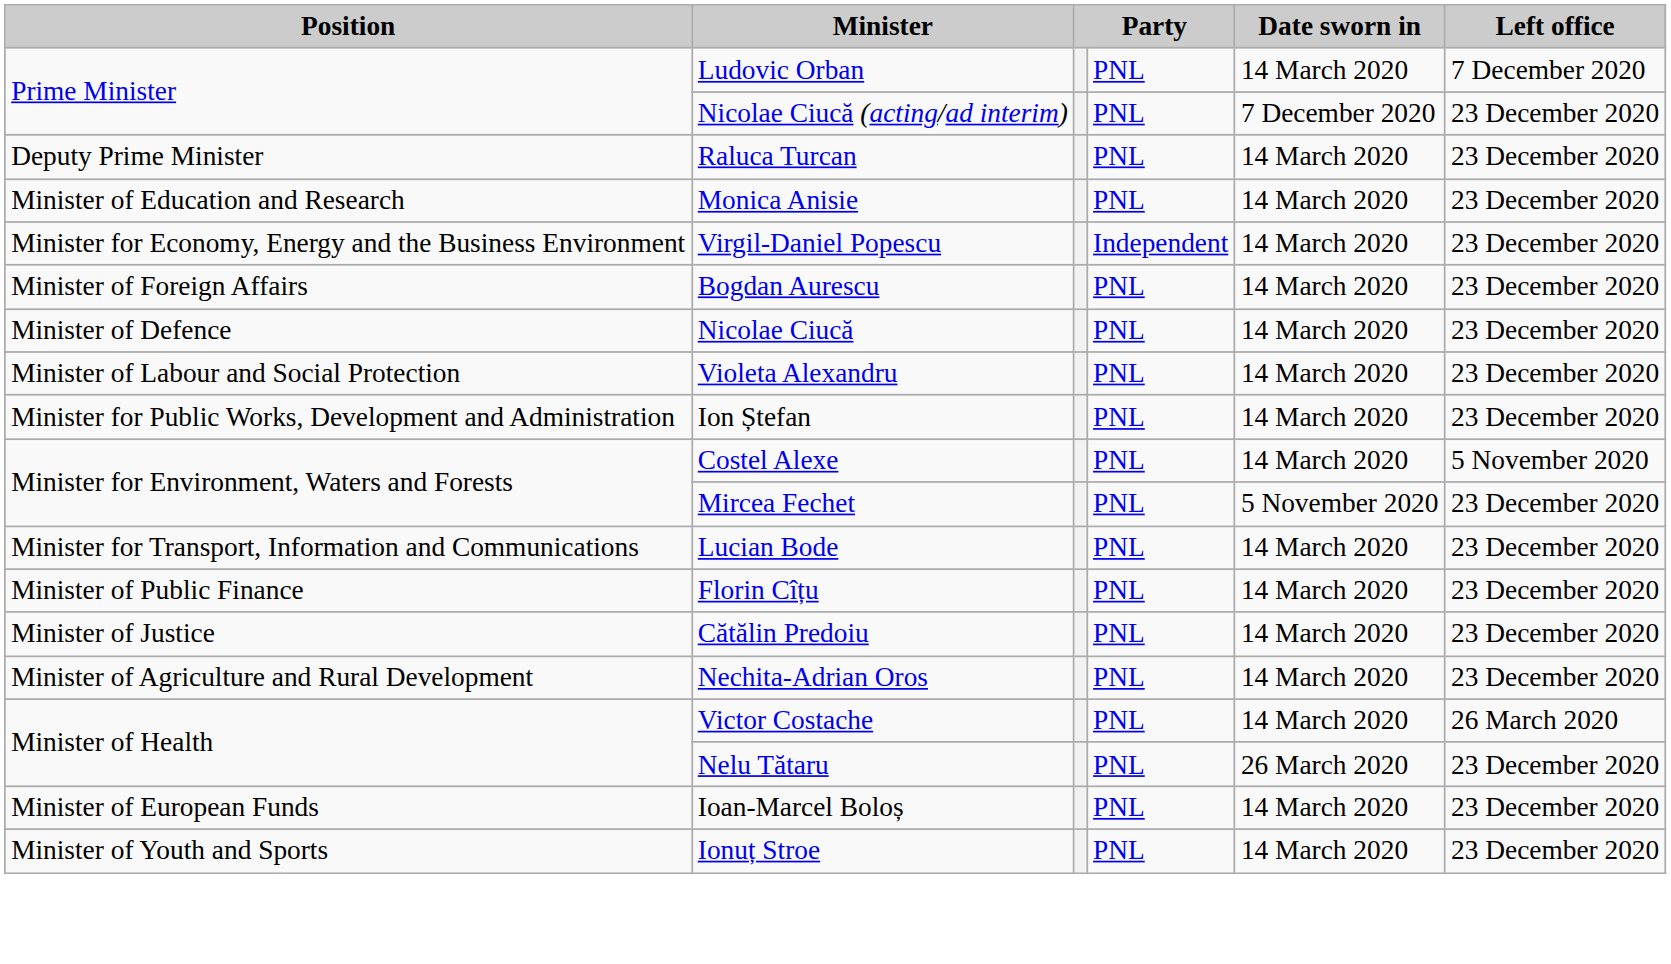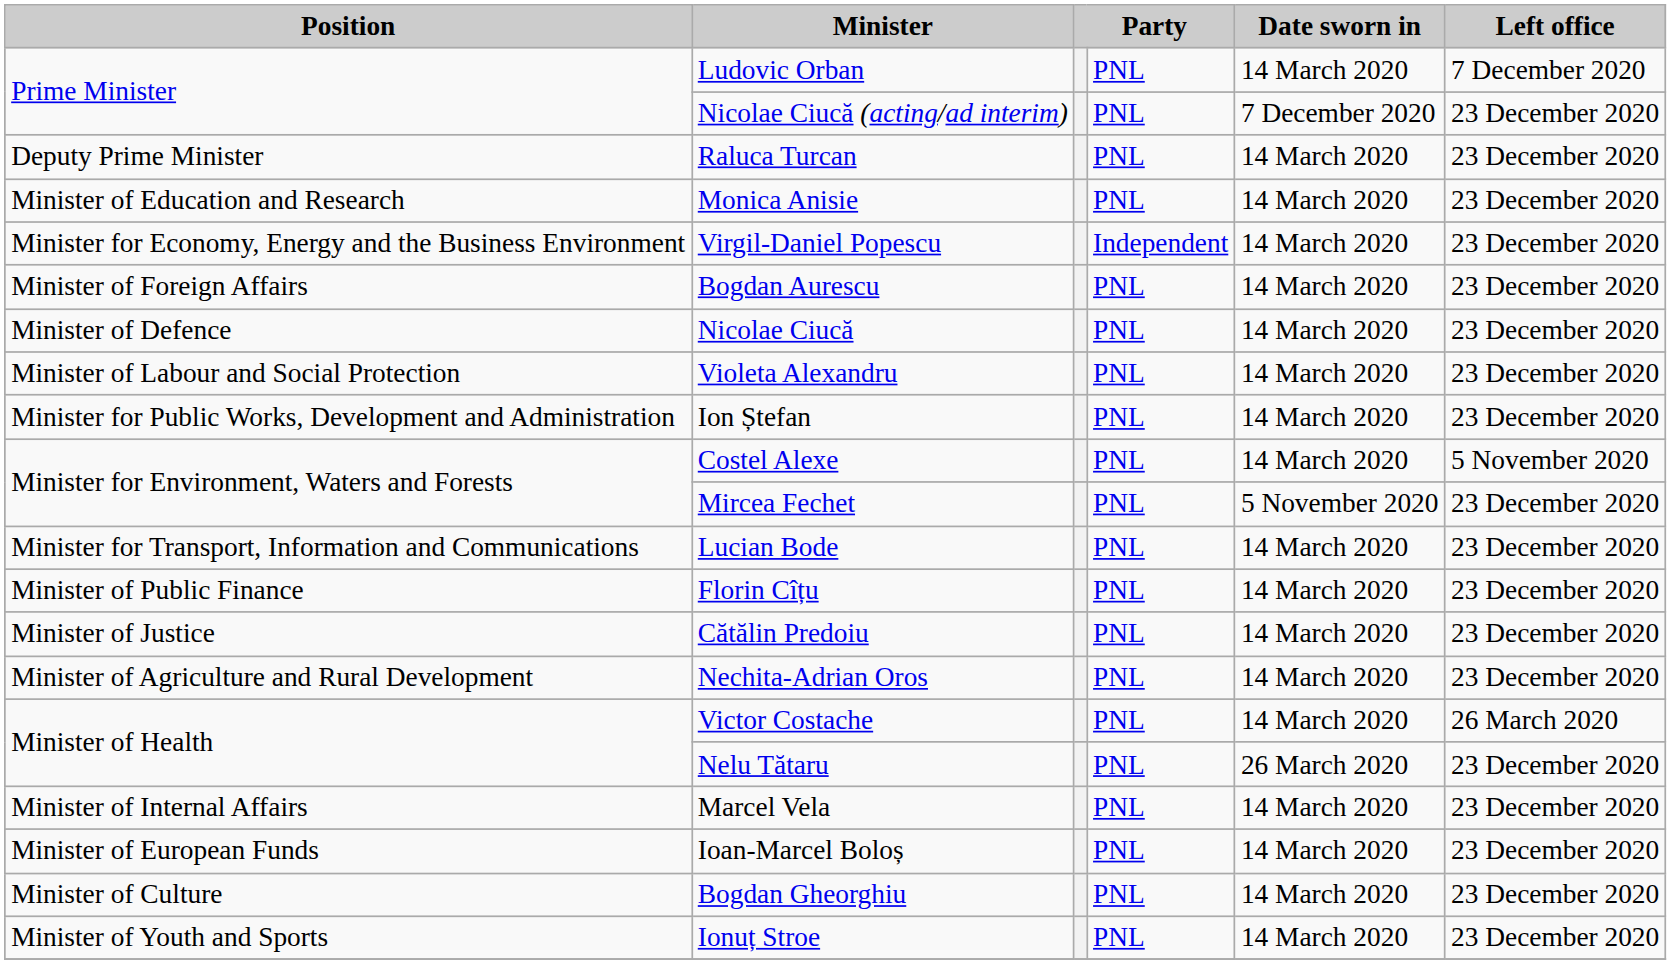 <table class="wikitable">
 <tr>
 <th style="background:#ccc;">Position</th>
 <th style="background:#ccc;">Minister</th>
 <th style="background:#ccc;" colspan="2">Party</th>
 <th style="background:#ccc;">Date sworn in</th>
 <th style="background:#ccc;">Left office</th>
 </tr>
 <tr>
 <td rowspan=2><a href='#'>Prime Minister</a></td>
 <td><a href='#'>Ludovic Orban</a></td>
 <th style="background-color: "></th>
 <td><a href='#'>PNL</a></td>
 <td>14 March 2020</td>
 <td>7 December 2020</td>
 </tr>
 <tr>
 <td><a href='#'>Nicolae Ciucă</a> <em>(<a href='#'>acting</a>/<a href='#'>ad interim</a>)</em></td>
 <th style="background-color: "></th>
 <td><a href='#'>PNL</a></td>
 <td>7 December 2020</td>
 <td>23 December 2020</td>
 </tr>
 <tr>
 <td>Deputy Prime Minister</td>
 <td><a href='#'>Raluca Turcan</a></td>
 <th style="background-color: "></th>
 <td><a href='#'>PNL</a></td>
 <td>14 March 2020</td>
 <td>23 December 2020</td>
 </tr>
 <tr>
 <td>Minister of Education and Research</td>
 <td><a href='#'>Monica Anisie</a></td>
 <th style="background-color: "></th>
 <td><a href='#'>PNL</a></td>
 <td>14 March 2020</td>
 <td>23 December 2020</td>
 </tr>
 <tr>
 <td>Minister for Economy, Energy and the Business Environment</td>
 <td><a href='#'>Virgil-Daniel Popescu</a></td>
 <th style="background-color: "></th>
 <td><a href='#'>Independent</a></td>
 <td>14 March 2020</td>
 <td>23 December 2020</td>
 </tr>
 <tr>
 <td>Minister of Foreign Affairs</td>
 <td><a href='#'>Bogdan Aurescu</a></td>
 <th style="background-color: "></th>
 <td><a href='#'>PNL</a></td>
 <td>14 March 2020</td>
 <td>23 December 2020</td>
 </tr>
 <tr>
 <td>Minister of Defence</td>
 <td><a href='#'>Nicolae Ciucă</a></td>
 <th style="background-color: "></th>
 <td><a href='#'>PNL</a></td>
 <td>14 March 2020</td>
 <td>23 December 2020</td>
 </tr>
 <tr>
 <td>Minister of Labour and Social Protection</td>
 <td><a href='#'>Violeta Alexandru</a></td>
 <th style="background-color: "></th>
 <td><a href='#'>PNL</a></td>
 <td>14 March 2020</td>
 <td>23 December 2020</td>
 </tr>
 <tr>
 <td>Minister for Public Works, Development and Administration</td>
 <td>Ion Ștefan</td>
 <th style="background-color: "></th>
 <td><a href='#'>PNL</a></td>
 <td>14 March 2020</td>
 <td>23 December 2020</td>
 </tr>
 <tr>
 <td rowspan = 2>Minister for Environment, Waters and Forests</td>
 <td><a href='#'>Costel Alexe</a></td>
 <th style="background-color: "></th>
 <td><a href='#'>PNL</a></td>
 <td>14 March 2020</td>
 <td>5 November 2020</td>
 </tr>
 <tr>
 <td><a href='#'>Mircea Fechet</a></td>
 <th style="background-color: "></th>
 <td><a href='#'>PNL</a></td>
 <td>5 November 2020</td>
 <td>23 December 2020</td>
 </tr>
 <tr>
 <td>Minister for Transport, Information and Communications</td>
 <td><a href='#'>Lucian Bode</a></td>
 <th style="background-color: "></th>
 <td><a href='#'>PNL</a></td>
 <td>14 March 2020</td>
 <td>23 December 2020</td>
 </tr>
 <tr>
 <td>Minister of Public Finance</td>
 <td><a href='#'>Florin Cîțu</a></td>
 <th style="background-color: "></th>
 <td><a href='#'>PNL</a></td>
 <td>14 March 2020</td>
 <td>23 December 2020</td>
 </tr>
 <tr>
 <td>Minister of Justice</td>
 <td><a href='#'>Cătălin Predoiu</a></td>
 <th style="background-color: "></th>
 <td><a href='#'>PNL</a></td>
 <td>14 March 2020</td>
 <td>23 December 2020</td>
 </tr>
 <tr>
 <td>Minister of Agriculture and Rural Development</td>
 <td><a href='#'>Nechita-Adrian Oros</a></td>
 <th style="background-color: "></th>
 <td><a href='#'>PNL</a></td>
 <td>14 March 2020</td>
 <td>23 December 2020</td>
 </tr>
 <tr>
 <td rowspan = 2>Minister of Health</td>
 <td><a href='#'>Victor Costache</a></td>
 <th style="background-color: "></th>
 <td><a href='#'>PNL</a></td>
 <td>14 March 2020</td>
 <td>26 March 2020</td>
 </tr>
 <tr>
 <td><a href='#'>Nelu Tătaru</a></td>
 <th style="background-color: "></th>
 <td><a href='#'>PNL</a></td>
 <td>26 March 2020</td>
 <td>23 December 2020</td>
 </tr>
 <tr>
+<td>Minister of Internal Affairs</td>
+<td>Marcel Vela</td>
+<th style="background-color: "></th>
+<td><a href='#'>PNL</a></td>
+<td>14 March 2020</td>
+<td>23 December 2020</td>
+</tr>
+<tr>
 <td>Minister of European Funds</td>
 <td>Ioan-Marcel Boloș</td>
+<th style="background-color: "></th>
+<td><a href='#'>PNL</a></td>
+<td>14 March 2020</td>
+<td>23 December 2020</td>
+</tr>
+<tr>
+<td>Minister of Culture</td>
+<td><a href='#'>Bogdan Gheorghiu</a></td>
 <th style="background-color: "></th>
 <td><a href='#'>PNL</a></td>
 <td>14 March 2020</td>
 <td>23 December 2020</td>
 </tr>
 <tr>
 <td>Minister of Youth and Sports</td>
 <td><a href='#'>Ionuț Stroe</a></td>
 <th style="background-color: "></th>
 <td><a href='#'>PNL</a></td>
 <td>14 March 2020</td>
 <td>23 December 2020</td>
 </tr>
 <tr>
 </tr>
 </table>
